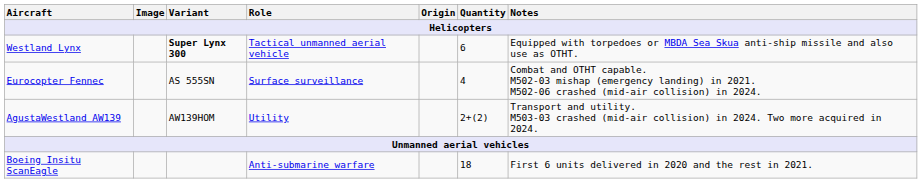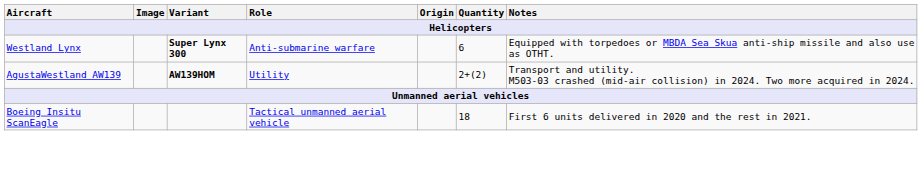 <table class="wikitable">
 <tr>
 <th style="text-align: left;">Aircraft</th>
 <th style="text-align: left;">Image</th>
 <th style="text-align: left;">Variant</th>
 <th style="text-align: left;">Role</th>
 <th style="text-align: left;">Origin</th>
 <th style="text-align: left;">Quantity</th>
 <th style="text-align: left;">Notes</th>
 </tr>
 <tr>
 <th style="align: center; background: lavender;" colspan="7">Helicopters</th>
 </tr>
 <tr>
 <td><a href='#'>Westland Lynx</a></td>
 <td></td>
 <td><strong>Super Lynx 300</strong></td>
-<td><a href='#'>Tactical unmanned aerial vehicle</a></td>
+<td><a href='#'>Anti-submarine warfare</a></td>
 <td></td>
 <td>6</td>
 <td>Equipped with torpedoes or <a href='#'>MBDA Sea Skua</a> anti-ship missile and also use as OTHT.</td>
 </tr>
 <tr>
-<td><a href='#'>Eurocopter Fennec</a></td>
-<td></td>
-<td>AS 555SN</td>
-<td><a href='#'>Surface surveillance</a></td>
-<td></td>
-<td>4</td>
-<td>Combat and OTHT capable.<br>M502-03 mishap (emergency landing) in 2021.<br>M502-06 crashed (mid-air collision) in 2024.</td>
-</tr>
-<tr>
 <td><a href='#'>AgustaWestland AW139</a></td>
 <td></td>
-<td>AW139HOM</td>
+<td><strong>AW139HOM</strong></td>
 <td><a href='#'>Utility</a></td>
 <td></td>
 <td>2+(2)</td>
 <td>Transport and utility.<br>M503-03 crashed (mid-air collision) in 2024. Two more acquired in 2024.</td>
 </tr>
 <tr>
 <th style="align: center; background: lavender;" colspan="7">Unmanned aerial vehicles</th>
 </tr>
 <tr>
 <td><a href='#'>Boeing Insitu ScanEagle</a></td>
 <td></td>
 <td></td>
-<td><a href='#'>Anti-submarine warfare</a></td>
+<td><a href='#'>Tactical unmanned aerial vehicle</a></td>
 <td></td>
 <td>18</td>
 <td>First 6 units delivered in 2020 and the rest in 2021.</td>
 </tr>
 </table>
